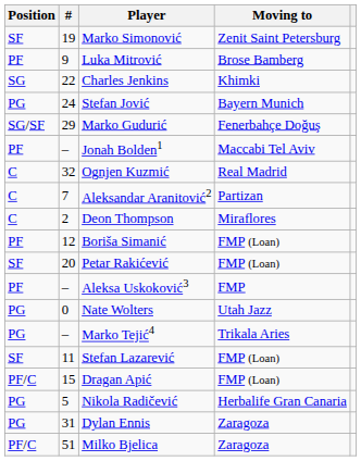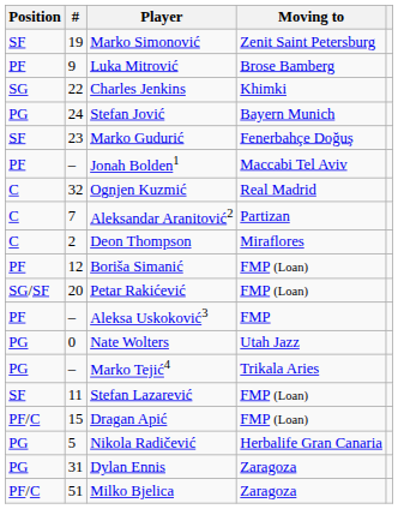 <table class="wikitable sortable" style="text-align: left;">
 <tr>
 <th>Position</th>
 <th>#</th>
 <th>Player</th>
 <th>Moving to</th>
 <th></th>
 </tr>
 <tr>
 <td><a href='#'>SF</a></td>
 <td>19</td>
 <td> <a href='#'>Marko Simonović</a></td>
 <td> <a href='#'>Zenit Saint Petersburg</a></td>
 <td></td>
 </tr>
 <tr>
 <td><a href='#'>PF</a></td>
 <td>9</td>
 <td> <a href='#'>Luka Mitrović</a></td>
 <td> <a href='#'>Brose Bamberg</a></td>
 <td></td>
 </tr>
 <tr>
 <td><a href='#'>SG</a></td>
 <td>22</td>
 <td> <a href='#'>Charles Jenkins</a></td>
 <td> <a href='#'>Khimki</a></td>
 <td></td>
 </tr>
 <tr>
 <td><a href='#'>PG</a></td>
 <td>24</td>
 <td> <a href='#'>Stefan Jović</a></td>
 <td> <a href='#'>Bayern Munich</a></td>
 <td></td>
 </tr>
 <tr>
-<td><a href='#'>SG</a>/<a href='#'>SF</a></td>
-<td>29</td>
+<td><a href='#'>SF</a></td>
+<td>23</td>
 <td> <a href='#'>Marko Gudurić</a></td>
 <td> <a href='#'>Fenerbahçe Doğuş</a></td>
 <td></td>
 </tr>
 <tr>
 <td><a href='#'>PF</a></td>
 <td>–</td>
 <td> <a href='#'>Jonah Bolden</a><sup>1</sup></td>
 <td> <a href='#'>Maccabi Tel Aviv</a></td>
 <td></td>
 </tr>
 <tr>
 <td><a href='#'>C</a></td>
 <td>32</td>
 <td> <a href='#'>Ognjen Kuzmić</a></td>
 <td> <a href='#'>Real Madrid</a></td>
 <td></td>
 </tr>
 <tr>
 <td><a href='#'>C</a></td>
 <td>7</td>
 <td> <a href='#'>Aleksandar Aranitović</a><sup>2</sup></td>
 <td> <a href='#'>Partizan</a></td>
 <td></td>
 </tr>
 <tr>
 <td><a href='#'>C</a></td>
 <td>2</td>
 <td> <a href='#'>Deon Thompson</a></td>
 <td> <a href='#'>Miraflores</a></td>
 <td></td>
 </tr>
 <tr>
 <td><a href='#'>PF</a></td>
 <td>12</td>
 <td> <a href='#'>Boriša Simanić</a></td>
 <td> <a href='#'>FMP</a> <small>(Loan)</small></td>
 <td></td>
 </tr>
 <tr>
-<td><a href='#'>SF</a></td>
+<td><a href='#'>SG</a>/<a href='#'>SF</a></td>
 <td>20</td>
 <td> <a href='#'>Petar Rakićević</a></td>
 <td> <a href='#'>FMP</a> <small>(Loan)</small></td>
 <td></td>
 </tr>
 <tr>
 <td><a href='#'>PF</a></td>
 <td>–</td>
 <td> <a href='#'>Aleksa Uskoković</a><sup>3</sup></td>
 <td> <a href='#'>FMP</a></td>
 <td></td>
 </tr>
 <tr>
 <td><a href='#'>PG</a></td>
 <td>0</td>
 <td> <a href='#'>Nate Wolters</a></td>
 <td> <a href='#'>Utah Jazz</a></td>
 <td></td>
 </tr>
 <tr>
 <td><a href='#'>PG</a></td>
 <td>–</td>
 <td> <a href='#'>Marko Tejić</a><sup>4</sup></td>
 <td> <a href='#'>Trikala Aries</a></td>
 <td></td>
 </tr>
 <tr>
 <td><a href='#'>SF</a></td>
 <td>11</td>
 <td> <a href='#'>Stefan Lazarević</a></td>
 <td> <a href='#'>FMP</a> <small>(Loan)</small></td>
 <td></td>
 </tr>
 <tr>
 <td><a href='#'>PF</a>/<a href='#'>C</a></td>
 <td>15</td>
 <td> <a href='#'>Dragan Apić</a></td>
 <td> <a href='#'>FMP</a> <small>(Loan)</small></td>
 <td></td>
 </tr>
 <tr>
 <td><a href='#'>PG</a></td>
 <td>5</td>
 <td> <a href='#'>Nikola Radičević</a></td>
 <td> <a href='#'>Herbalife Gran Canaria</a></td>
 <td></td>
 </tr>
 <tr>
 <td><a href='#'>PG</a></td>
 <td>31</td>
 <td> <a href='#'>Dylan Ennis</a></td>
 <td> <a href='#'>Zaragoza</a></td>
 <td></td>
 </tr>
 <tr>
 <td><a href='#'>PF</a>/<a href='#'>C</a></td>
 <td>51</td>
 <td> <a href='#'>Milko Bjelica</a></td>
 <td> <a href='#'>Zaragoza</a></td>
 <td></td>
 </tr>
 </table>
